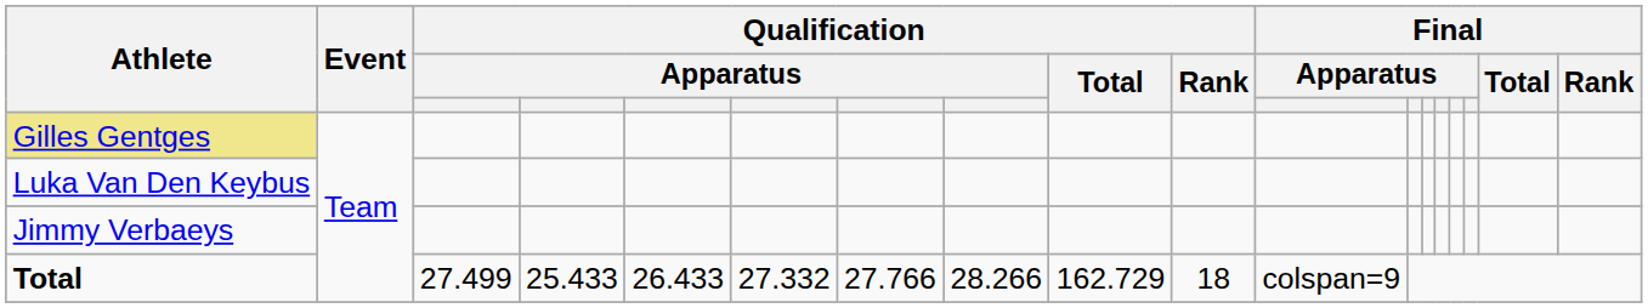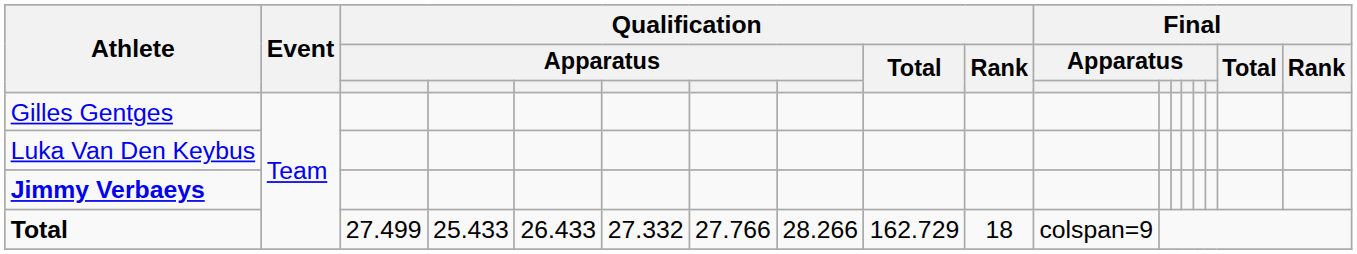 <table class="wikitable" style="font-size:90%">
 <tr>
 <th rowspan=3>Athlete</th>
 <th rowspan=3>Event</th>
 <th colspan =8>Qualification</th>
 <th colspan =8>Final</th>
 </tr>
 <tr style="font-size:95%">
 <th colspan=6>Apparatus</th>
 <th rowspan=2>Total</th>
 <th rowspan=2>Rank</th>
 <th colspan=6>Apparatus</th>
 <th rowspan=2>Total</th>
 <th rowspan=2>Rank</th>
 </tr>
 <tr style="font-size:95%">
 <th></th>
 <th></th>
 <th></th>
 <th></th>
 <th></th>
 <th></th>
 <th></th>
 <th></th>
 <th></th>
 <th></th>
 <th></th>
 <th></th>
 </tr>
 <tr align=center>
-<td align=left style="background: khaki;"><a href='#'>Gilles Gentges</a></td>
+<td align=left><a href='#'>Gilles Gentges</a></td>
 <td style="text-align:left;" rowspan="4"><a href='#'>Team</a></td>
 <td></td>
 <td></td>
 <td></td>
 <td></td>
 <td></td>
 <td></td>
 <td></td>
 <td></td>
 <td></td>
 <td></td>
 <td></td>
 <td></td>
 <td></td>
 <td></td>
 <td></td>
 <td></td>
 </tr>
 <tr align=center>
 <td align=left><a href='#'>Luka Van Den Keybus</a></td>
 <td></td>
 <td></td>
 <td></td>
 <td></td>
 <td></td>
 <td></td>
 <td></td>
 <td></td>
 <td></td>
 <td></td>
 <td></td>
 <td></td>
 <td></td>
 <td></td>
 <td></td>
 <td></td>
 </tr>
 <tr align=center>
-<td align=left><a href='#'>Jimmy Verbaeys</a></td>
+<td align=left><strong><a href='#'>Jimmy Verbaeys</a></strong></td>
 <td></td>
 <td></td>
 <td></td>
 <td></td>
 <td></td>
 <td></td>
 <td></td>
 <td></td>
 <td></td>
 <td></td>
 <td></td>
 <td></td>
 <td></td>
 <td></td>
 <td></td>
 <td></td>
 </tr>
 <tr align=center>
 <td align=left><strong>Total</strong></td>
 <td>27.499</td>
 <td>25.433</td>
 <td>26.433</td>
 <td>27.332</td>
 <td>27.766</td>
 <td>28.266</td>
 <td>162.729</td>
 <td>18</td>
 <td>colspan=9 </td>
 </tr>
 </table>
